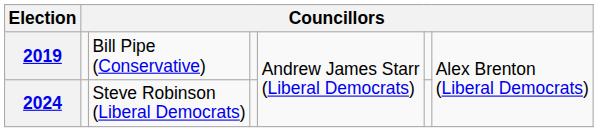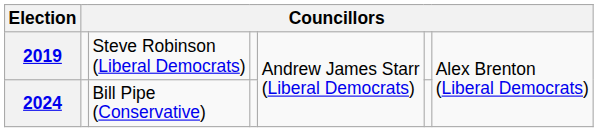 <table class="wikitable">
 <tr>
 <th>Election</th>
 <th colspan="6">Councillors</th>
 </tr>
 <tr>
 <th><a href='#'>2019</a></th>
 <td style="background-color: "></td>
-<td>Bill Pipe<br>(<a href='#'>Conservative</a>)</td>
+<td>Steve Robinson<br>(<a href='#'>Liberal Democrats</a>)</td>
 <td style="background-color: "></td>
 <td rowspan="2">Andrew James Starr<br>(<a href='#'>Liberal Democrats</a>)</td>
 <td rowspan="1;" style="background-color: "></td>
 <td rowspan="2">Alex Brenton<br>(<a href='#'>Liberal Democrats</a>)</td>
 </tr>
 <tr>
 <th><a href='#'>2024</a></th>
 <td style="background-color: "></td>
-<td>Steve Robinson<br>(<a href='#'>Liberal Democrats</a>)</td>
+<td>Bill Pipe<br>(<a href='#'>Conservative</a>)</td>
 <td style="background-color: "></td>
 <td rowspan="1;" style="background-color: "></td>
 </tr>
 </table>
